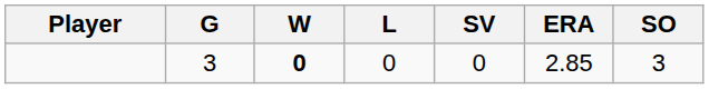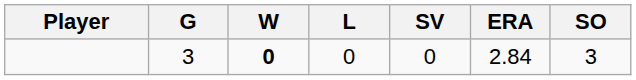 <table class="wikitable sortable">
 <tr>
 <th bgcolor="#DDDDFF" width="16%">Player</th>
 <th bgcolor="#DDDDFF" width="9%">G</th>
 <th bgcolor="#DDDDFF" width="9%">W</th>
 <th bgcolor="#DDDDFF" width="9%">L</th>
 <th bgcolor="#DDDDFF" width="9%">SV</th>
 <th bgcolor="#DDDDFF" width="9%">ERA</th>
 <th bgcolor="#DDDDFF" width="9%">SO</th>
 </tr>
 <tr align="center">
 <td></td>
 <td>3</td>
 <td><strong>0</strong></td>
 <td>0</td>
 <td>0</td>
-<td>2.85</td>
+<td>2.84</td>
 <td>3</td>
 </tr>
 </table>
